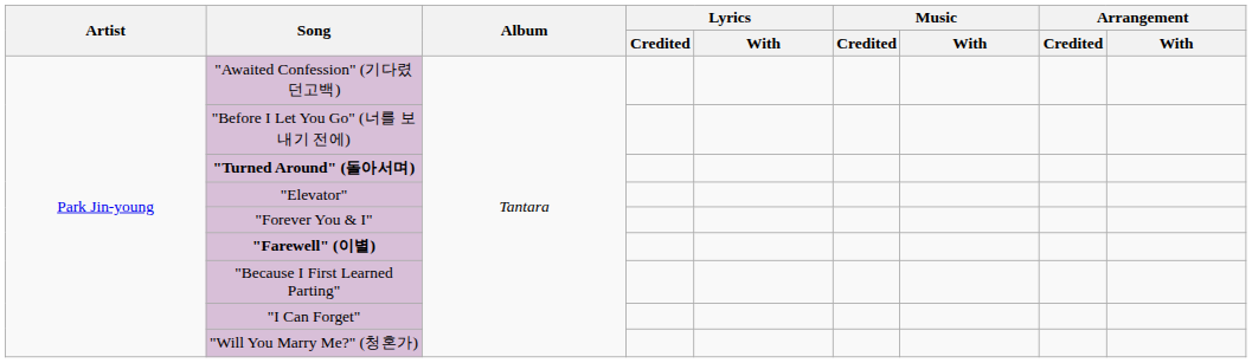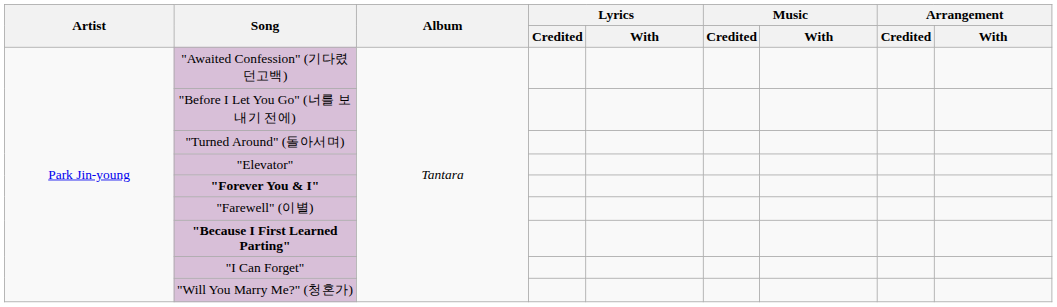 <table class="wikitable plainrowheaders" style="text-align:center;">
 <tr>
 <th rowspan="2" width="300px">Artist</th>
 <th rowspan="2" width="300px">Song</th>
 <th rowspan="2" width="300px">Album</th>
 <th colspan="2">Lyrics</th>
 <th colspan="2">Music</th>
 <th colspan="2">Arrangement</th>
 </tr>
 <tr>
 <th width="50px">Credited</th>
 <th width="200px">With</th>
 <th width="50px">Credited</th>
 <th width="200px">With</th>
 <th width="50px">Credited</th>
 <th width="200px">With</th>
 </tr>
 <tr>
 <td rowspan="9"><a href='#'>Park Jin-young</a></td>
 <td style="background-color:#D8BFD8">"Awaited Confession" (기다렸던고백)</td>
 <td rowspan="9"><em>Tantara</em></td>
 <td></td>
 <td></td>
 <td></td>
 <td></td>
 <td></td>
 <td></td>
 </tr>
 <tr>
 <td style="background-color:#D8BFD8">"Before I Let You Go" (너를 보내기 전에)</td>
 <td></td>
 <td></td>
 <td></td>
 <td></td>
 <td></td>
 <td></td>
 </tr>
 <tr>
-<td style="background-color:#D8BFD8"><strong>"Turned Around" (돌아서며)</strong></td>
+<td style="background-color:#D8BFD8">"Turned Around" (돌아서며)</td>
 <td></td>
 <td></td>
 <td></td>
 <td></td>
 <td></td>
 <td></td>
 </tr>
 <tr>
 <td style="background-color:#D8BFD8">"Elevator"</td>
 <td></td>
 <td></td>
 <td></td>
 <td></td>
 <td></td>
 <td></td>
 </tr>
 <tr>
-<td style="background-color:#D8BFD8">"Forever You & I"</td>
+<td style="background-color:#D8BFD8"><strong>"Forever You & I"</strong></td>
 <td></td>
 <td></td>
 <td></td>
 <td></td>
 <td></td>
 <td></td>
 </tr>
 <tr>
-<td style="background-color:#D8BFD8"><strong>"Farewell" (이별)</strong></td>
+<td style="background-color:#D8BFD8">"Farewell" (이별)</td>
 <td></td>
 <td></td>
 <td></td>
 <td></td>
 <td></td>
 <td></td>
 </tr>
 <tr>
-<td style="background-color:#D8BFD8">"Because I First Learned Parting"</td>
+<td style="background-color:#D8BFD8"><strong>"Because I First Learned Parting"</strong></td>
 <td></td>
 <td></td>
 <td></td>
 <td></td>
 <td></td>
 <td></td>
 </tr>
 <tr>
 <td style="background-color:#D8BFD8">"I Can Forget"</td>
 <td></td>
 <td></td>
 <td></td>
 <td></td>
 <td></td>
 <td></td>
 </tr>
 <tr>
 <td style="background-color:#D8BFD8">"Will You Marry Me?" (청혼가)</td>
 <td></td>
 <td></td>
 <td></td>
 <td></td>
 <td></td>
 <td></td>
 </tr>
 </table>
